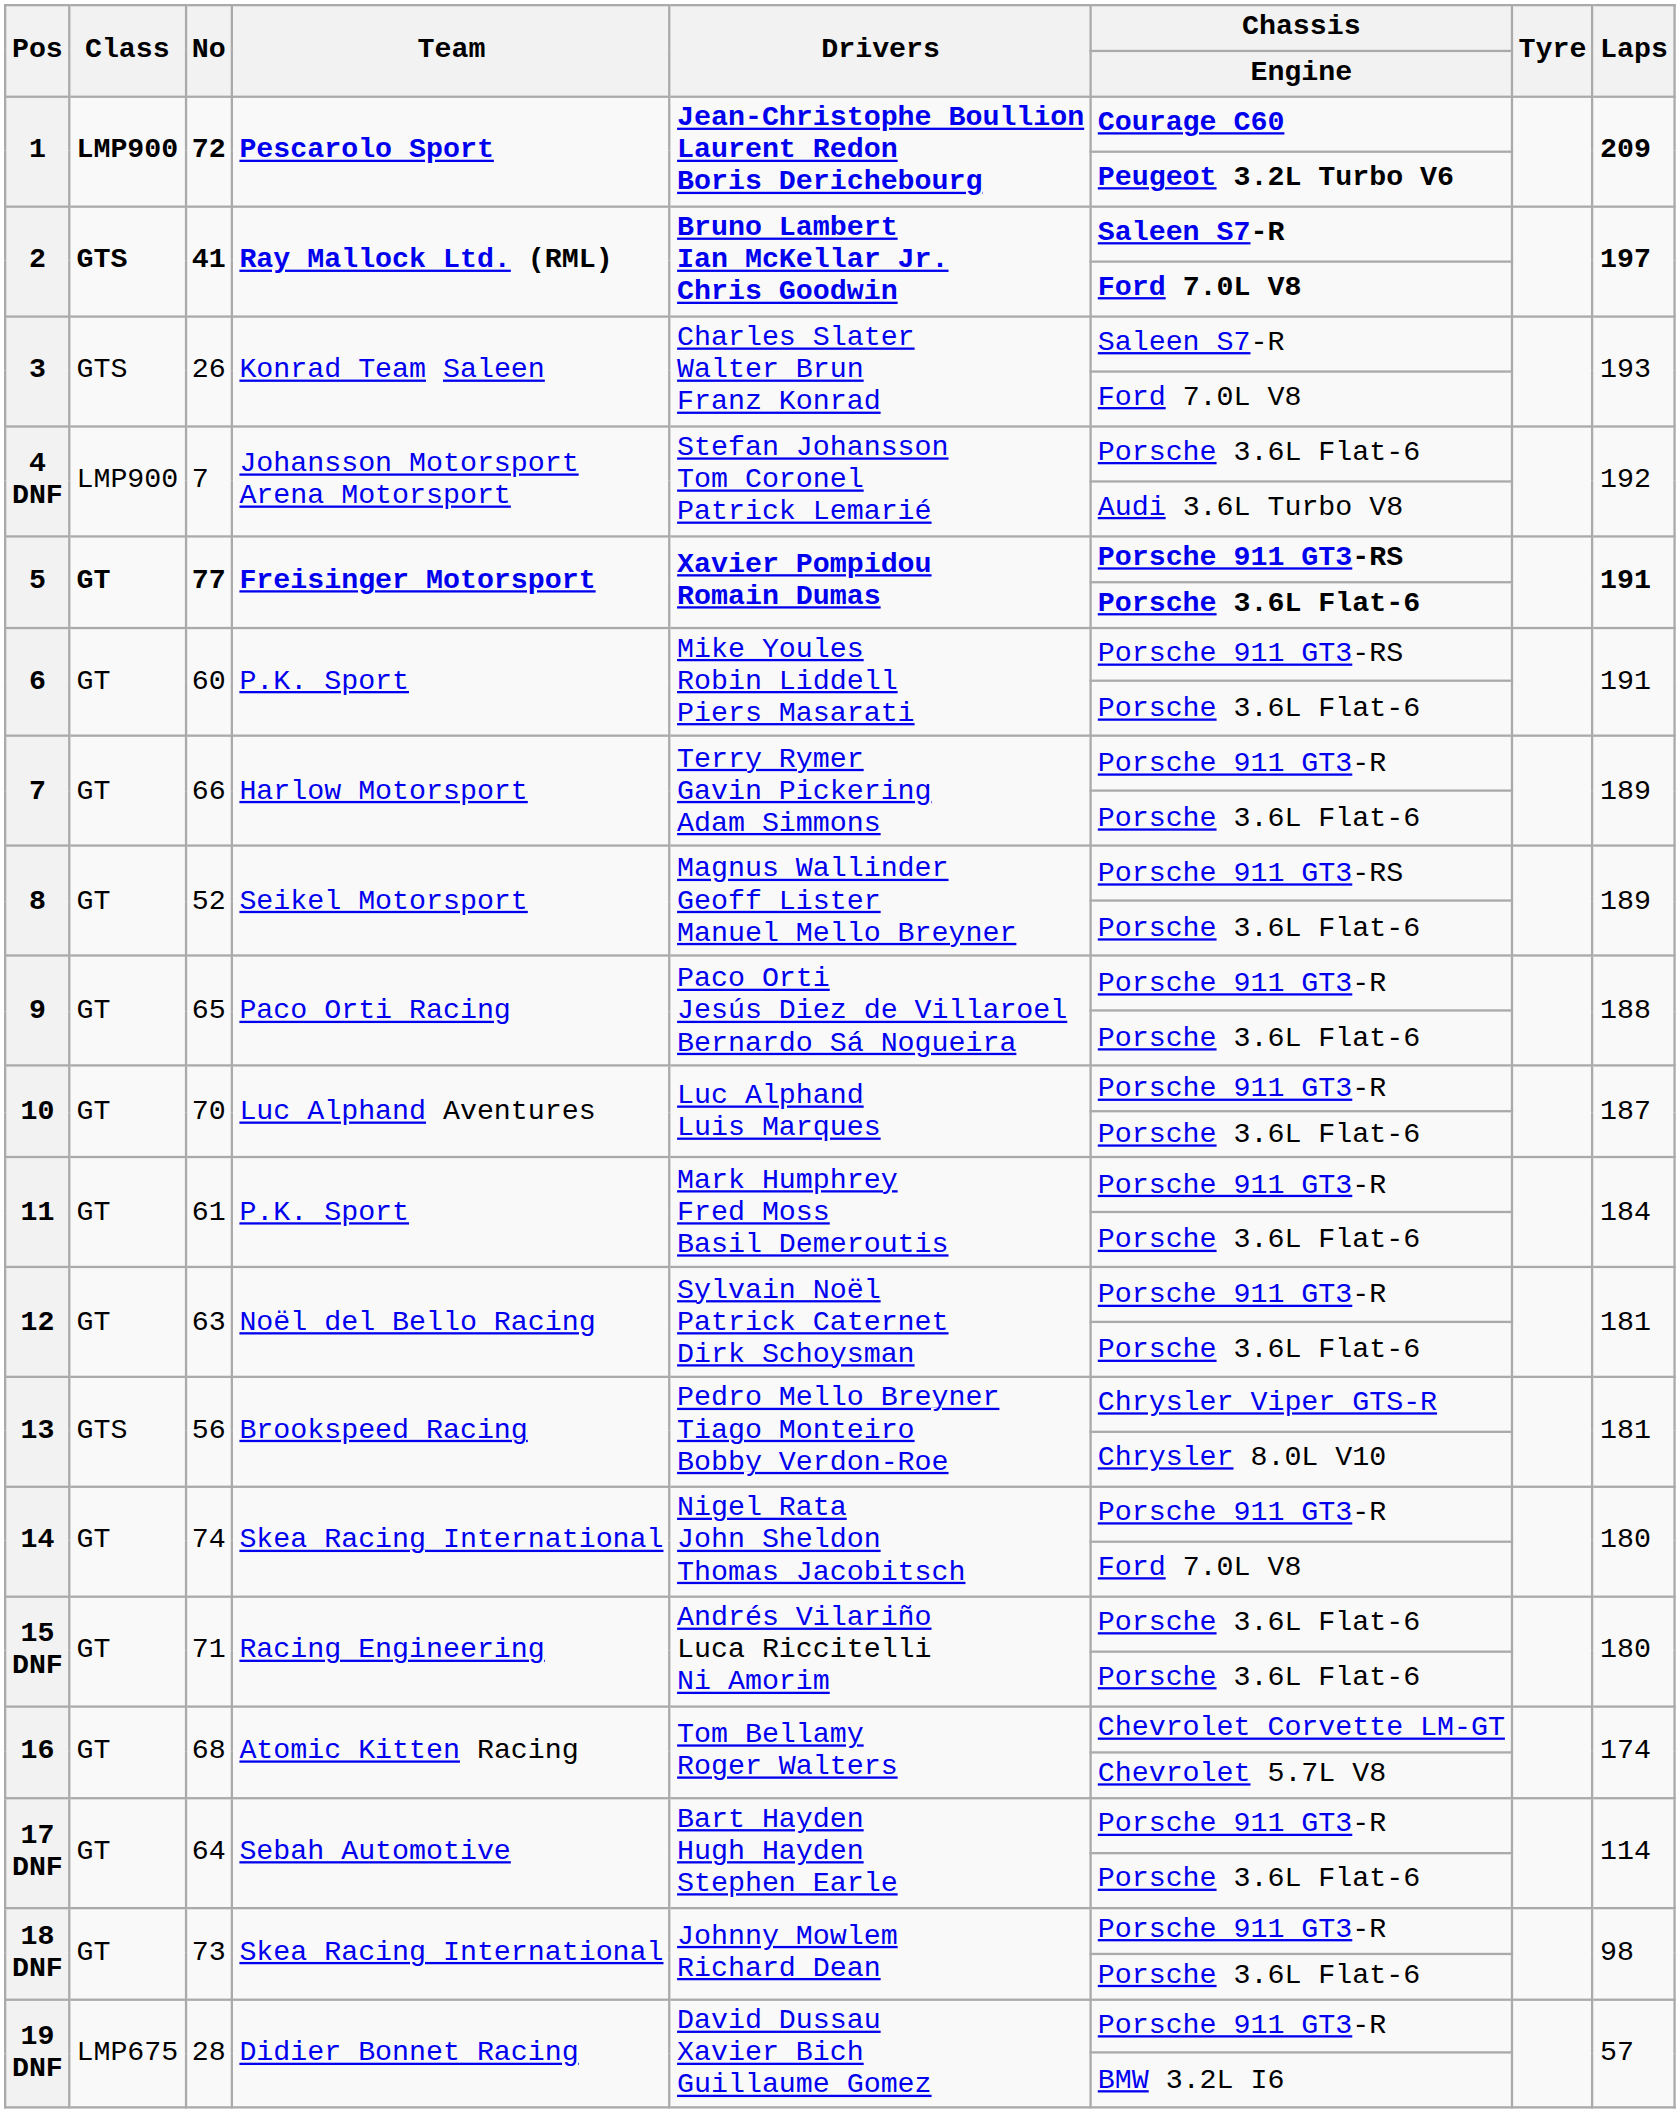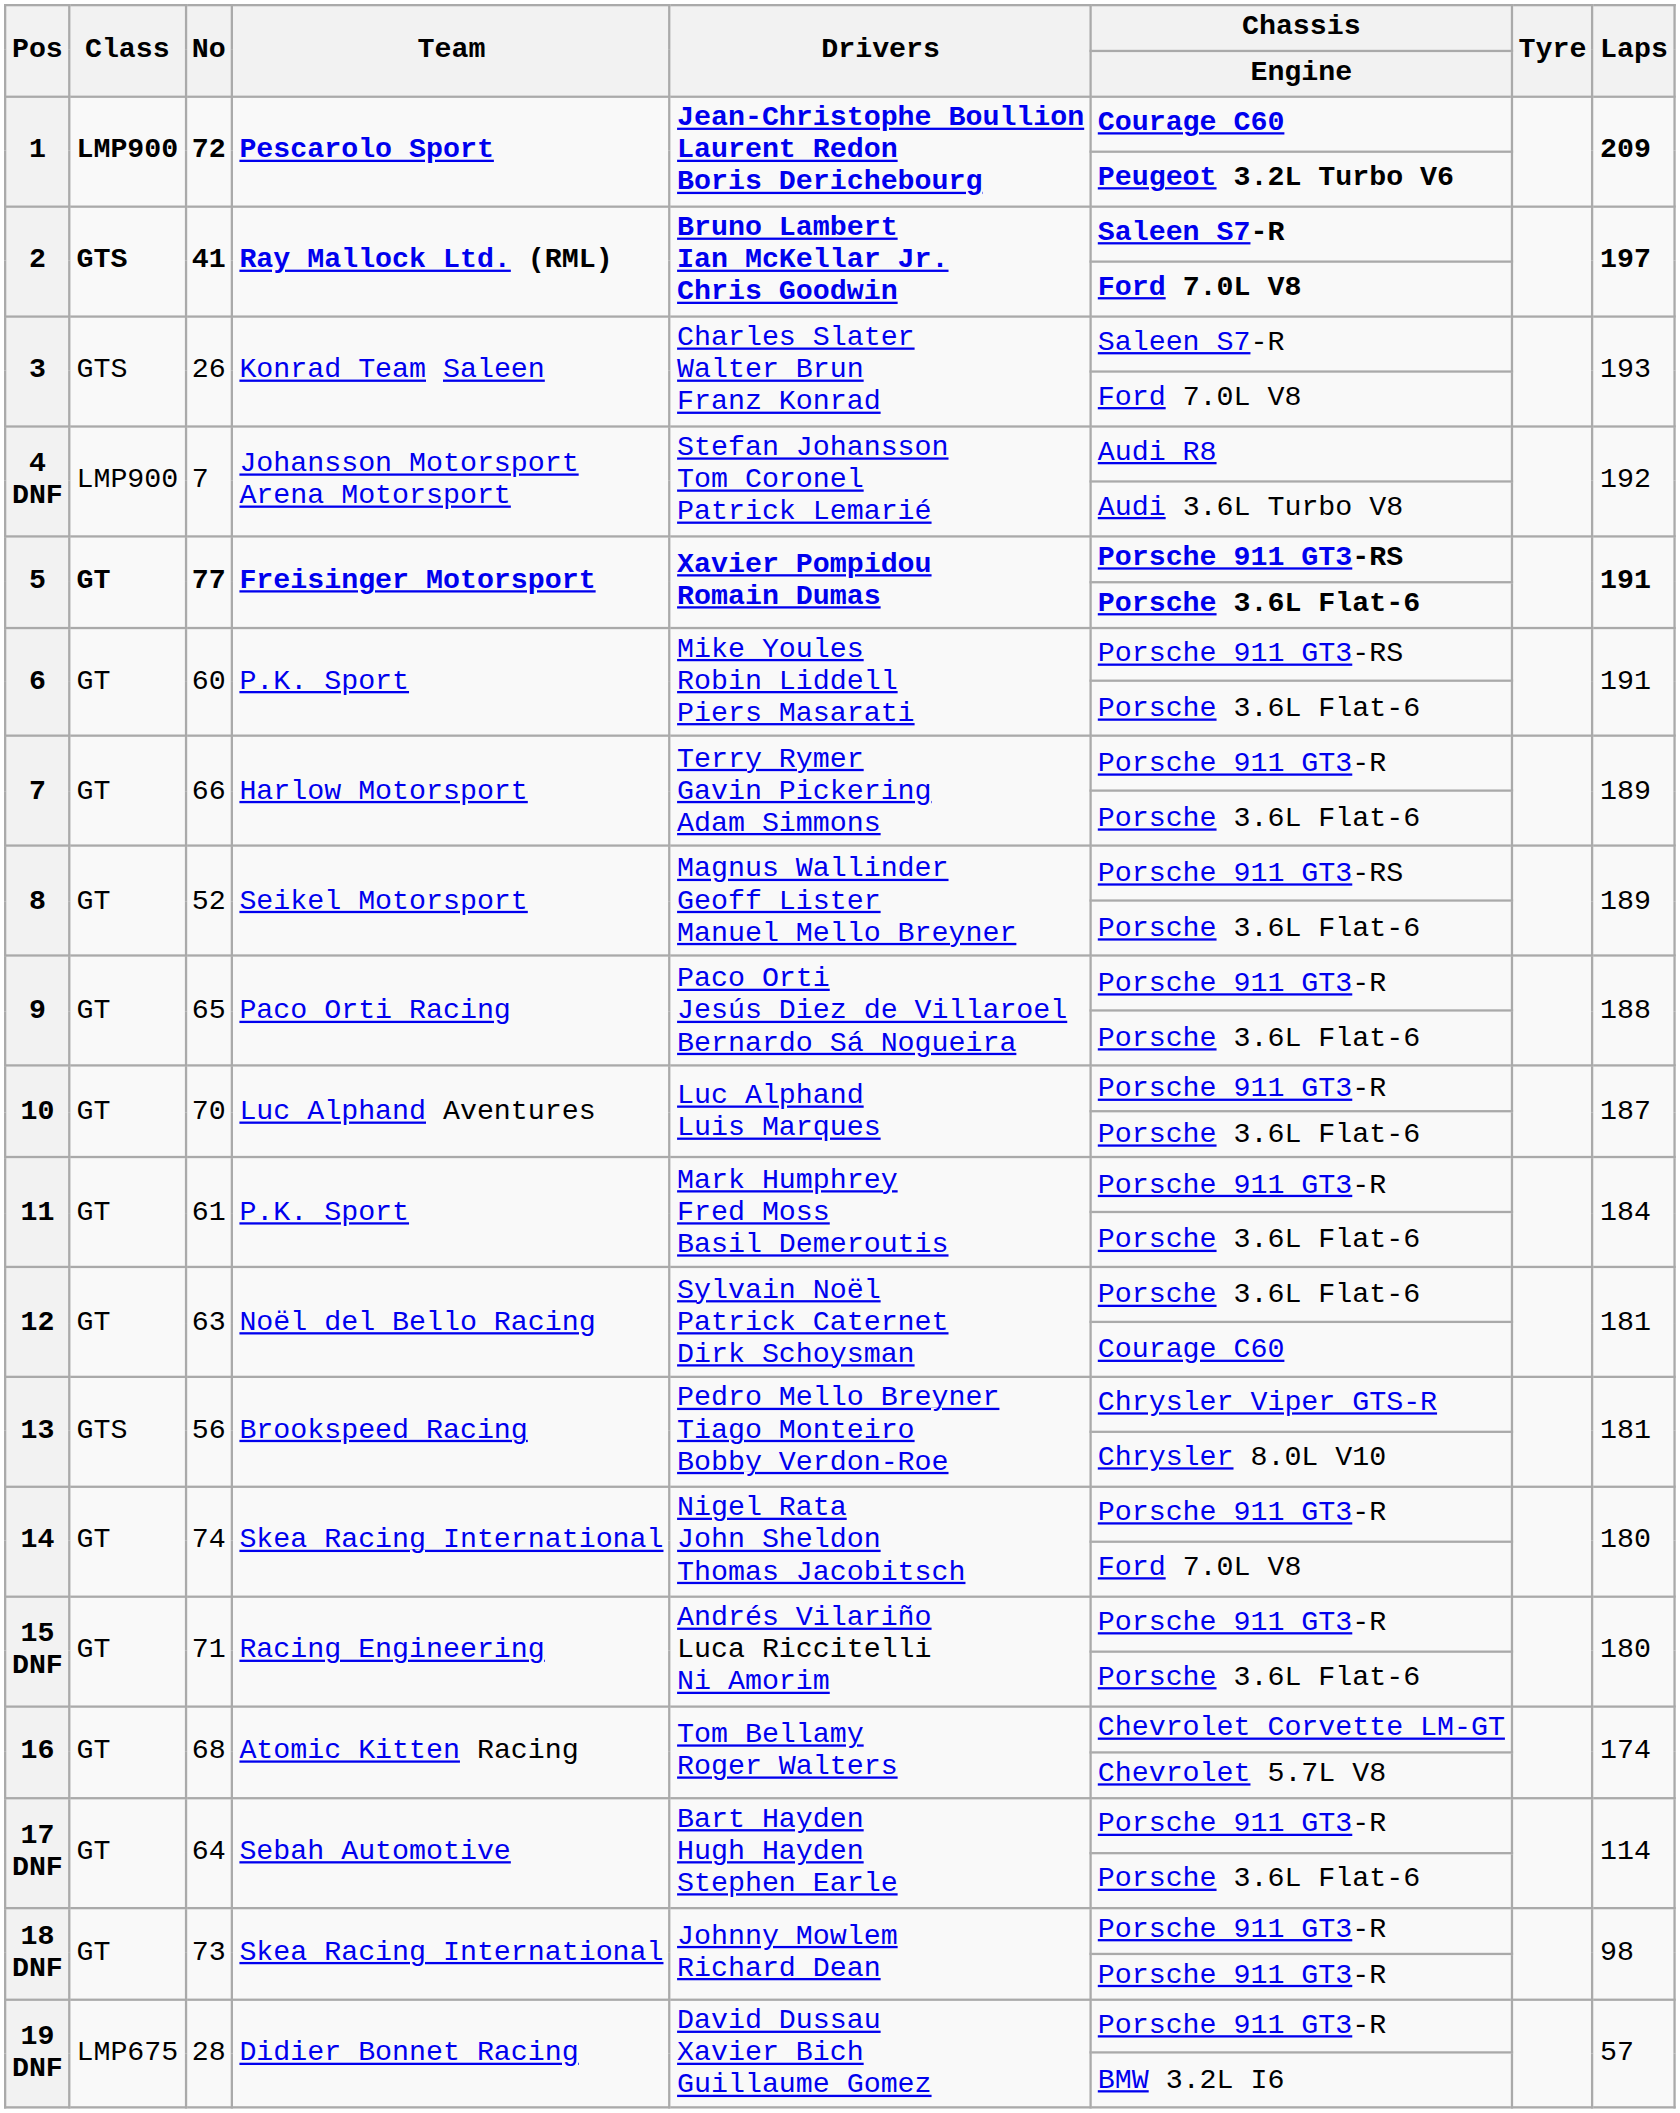 <table class="wikitable" style="font-size: 95%;">
 <tr>
 <th rowspan=2>Pos</th>
 <th rowspan=2>Class</th>
 <th rowspan=2>No</th>
 <th rowspan=2>Team</th>
 <th rowspan=2>Drivers</th>
 <th>Chassis</th>
 <th rowspan=2>Tyre</th>
 <th rowspan=2>Laps</th>
 </tr>
 <tr>
 <th>Engine</th>
 </tr>
 <tr style="font-weight:bold">
 <th rowspan=2>1</th>
 <td rowspan=2>LMP900</td>
 <td rowspan=2>72</td>
 <td rowspan=2> <a href='#'>Pescarolo Sport</a></td>
 <td rowspan=2> <a href='#'>Jean-Christophe Boullion</a><br> <a href='#'>Laurent Redon</a><br> <a href='#'>Boris Derichebourg</a></td>
 <td><a href='#'>Courage C60</a></td>
 <td rowspan=2></td>
 <td rowspan=2>209</td>
 </tr>
 <tr style="font-weight:bold">
 <td><a href='#'>Peugeot</a> 3.2L Turbo V6</td>
 </tr>
 <tr style="font-weight:bold">
 <th rowspan=2>2</th>
 <td rowspan=2>GTS</td>
 <td rowspan=2>41</td>
 <td rowspan=2> <a href='#'>Ray Mallock Ltd.</a> (RML)</td>
 <td rowspan=2> <a href='#'>Bruno Lambert</a><br> <a href='#'>Ian McKellar Jr.</a><br> <a href='#'>Chris Goodwin</a></td>
 <td><a href='#'>Saleen S7</a>-R</td>
 <td rowspan=2></td>
 <td rowspan=2>197</td>
 </tr>
 <tr style="font-weight:bold">
 <td><a href='#'>Ford</a> 7.0L V8</td>
 </tr>
 <tr>
 <th rowspan=2>3</th>
 <td rowspan=2>GTS</td>
 <td rowspan=2>26</td>
 <td rowspan=2> <a href='#'>Konrad Team</a> <a href='#'>Saleen</a></td>
 <td rowspan=2> <a href='#'>Charles Slater</a><br> <a href='#'>Walter Brun</a><br> <a href='#'>Franz Konrad</a></td>
 <td><a href='#'>Saleen S7</a>-R</td>
 <td rowspan=2></td>
 <td rowspan=2>193</td>
 </tr>
 <tr>
 <td><a href='#'>Ford</a> 7.0L V8</td>
 </tr>
 <tr>
 <th rowspan=2>4<br>DNF</th>
 <td rowspan=2>LMP900</td>
 <td rowspan=2>7</td>
 <td rowspan=2> <a href='#'>Johansson Motorsport</a><br> <a href='#'>Arena Motorsport</a></td>
 <td rowspan=2> <a href='#'>Stefan Johansson</a><br> <a href='#'>Tom Coronel</a><br> <a href='#'>Patrick Lemarié</a></td>
-<td><a href='#'>Porsche</a> 3.6L Flat-6</td>
+<td><a href='#'>Audi R8</a></td>
 <td rowspan=2></td>
 <td rowspan=2>192</td>
 </tr>
 <tr>
 <td><a href='#'>Audi</a> 3.6L Turbo V8</td>
 </tr>
 <tr style="font-weight:bold">
 <th rowspan=2>5</th>
 <td rowspan=2>GT</td>
 <td rowspan=2>77</td>
 <td rowspan=2> <a href='#'>Freisinger Motorsport</a></td>
 <td rowspan=2> <a href='#'>Xavier Pompidou</a><br> <a href='#'>Romain Dumas</a></td>
 <td><a href='#'>Porsche 911 GT3</a>-RS</td>
 <td rowspan=2></td>
 <td rowspan=2>191</td>
 </tr>
 <tr style="font-weight:bold">
 <td><a href='#'>Porsche</a> 3.6L Flat-6</td>
 </tr>
 <tr>
 <th rowspan=2>6</th>
 <td rowspan=2>GT</td>
 <td rowspan=2>60</td>
 <td rowspan=2> <a href='#'>P.K. Sport</a></td>
 <td rowspan=2> <a href='#'>Mike Youles</a><br> <a href='#'>Robin Liddell</a><br> <a href='#'>Piers Masarati</a></td>
 <td><a href='#'>Porsche 911 GT3</a>-RS</td>
 <td rowspan=2></td>
 <td rowspan=2>191</td>
 </tr>
 <tr>
 <td><a href='#'>Porsche</a> 3.6L Flat-6</td>
 </tr>
 <tr>
 <th rowspan=2>7</th>
 <td rowspan=2>GT</td>
 <td rowspan=2>66</td>
 <td rowspan=2> <a href='#'>Harlow Motorsport</a></td>
 <td rowspan=2> <a href='#'>Terry Rymer</a><br> <a href='#'>Gavin Pickering</a><br> <a href='#'>Adam Simmons</a></td>
 <td><a href='#'>Porsche 911 GT3</a>-R</td>
 <td rowspan=2></td>
 <td rowspan=2>189</td>
 </tr>
 <tr>
 <td><a href='#'>Porsche</a> 3.6L Flat-6</td>
 </tr>
 <tr>
 <th rowspan=2>8</th>
 <td rowspan=2>GT</td>
 <td rowspan=2>52</td>
 <td rowspan=2> <a href='#'>Seikel Motorsport</a></td>
 <td rowspan=2> <a href='#'>Magnus Wallinder</a><br> <a href='#'>Geoff Lister</a><br> <a href='#'>Manuel Mello Breyner</a></td>
 <td><a href='#'>Porsche 911 GT3</a>-RS</td>
 <td rowspan=2></td>
 <td rowspan=2>189</td>
 </tr>
 <tr>
 <td><a href='#'>Porsche</a> 3.6L Flat-6</td>
 </tr>
 <tr>
 <th rowspan=2>9</th>
 <td rowspan=2>GT</td>
 <td rowspan=2>65</td>
 <td rowspan=2> <a href='#'>Paco Orti Racing</a></td>
 <td rowspan=2> <a href='#'>Paco Orti</a><br> <a href='#'>Jesús Diez de Villaroel</a><br> <a href='#'>Bernardo Sá Nogueira</a></td>
 <td><a href='#'>Porsche 911 GT3</a>-R</td>
 <td rowspan=2></td>
 <td rowspan=2>188</td>
 </tr>
 <tr>
 <td><a href='#'>Porsche</a> 3.6L Flat-6</td>
 </tr>
 <tr>
 <th rowspan=2>10</th>
 <td rowspan=2>GT</td>
 <td rowspan=2>70</td>
 <td rowspan=2> <a href='#'>Luc Alphand</a> Aventures</td>
 <td rowspan=2> <a href='#'>Luc Alphand</a><br> <a href='#'>Luis Marques</a></td>
 <td><a href='#'>Porsche 911 GT3</a>-R</td>
 <td rowspan=2></td>
 <td rowspan=2>187</td>
 </tr>
 <tr>
 <td><a href='#'>Porsche</a> 3.6L Flat-6</td>
 </tr>
 <tr>
 <th rowspan=2>11</th>
 <td rowspan=2>GT</td>
 <td rowspan=2>61</td>
 <td rowspan=2> <a href='#'>P.K. Sport</a></td>
 <td rowspan=2> <a href='#'>Mark Humphrey</a><br> <a href='#'>Fred Moss</a><br> <a href='#'>Basil Demeroutis</a></td>
 <td><a href='#'>Porsche 911 GT3</a>-R</td>
 <td rowspan=2></td>
 <td rowspan=2>184</td>
 </tr>
 <tr>
 <td><a href='#'>Porsche</a> 3.6L Flat-6</td>
 </tr>
 <tr>
 <th rowspan=2>12</th>
 <td rowspan=2>GT</td>
 <td rowspan=2>63</td>
 <td rowspan=2> <a href='#'>Noël del Bello Racing</a></td>
 <td rowspan=2> <a href='#'>Sylvain Noël</a><br> <a href='#'>Patrick Caternet</a><br> <a href='#'>Dirk Schoysman</a></td>
-<td><a href='#'>Porsche 911 GT3</a>-R</td>
+<td><a href='#'>Porsche</a> 3.6L Flat-6</td>
 <td rowspan=2></td>
 <td rowspan=2>181</td>
 </tr>
 <tr>
-<td><a href='#'>Porsche</a> 3.6L Flat-6</td>
+<td><a href='#'>Courage C60</a></td>
 </tr>
 <tr>
 <th rowspan=2>13</th>
 <td rowspan=2>GTS</td>
 <td rowspan=2>56</td>
 <td rowspan=2> <a href='#'>Brookspeed Racing</a></td>
 <td rowspan=2> <a href='#'>Pedro Mello Breyner</a><br> <a href='#'>Tiago Monteiro</a><br> <a href='#'>Bobby Verdon-Roe</a></td>
 <td><a href='#'>Chrysler Viper GTS-R</a></td>
 <td rowspan=2></td>
 <td rowspan=2>181</td>
 </tr>
 <tr>
 <td><a href='#'>Chrysler</a> 8.0L V10</td>
 </tr>
 <tr>
 <th rowspan=2>14</th>
 <td rowspan=2>GT</td>
 <td rowspan=2>74</td>
 <td rowspan=2> <a href='#'>Skea Racing International</a></td>
 <td rowspan=2> <a href='#'>Nigel Rata</a><br> <a href='#'>John Sheldon</a><br> <a href='#'>Thomas Jacobitsch</a></td>
 <td><a href='#'>Porsche 911 GT3</a>-R</td>
 <td rowspan=2></td>
 <td rowspan=2>180</td>
 </tr>
 <tr>
 <td><a href='#'>Ford</a> 7.0L V8</td>
 </tr>
 <tr>
 <th rowspan=2>15<br>DNF</th>
 <td rowspan=2>GT</td>
 <td rowspan=2>71</td>
 <td rowspan=2> <a href='#'>Racing Engineering</a></td>
 <td rowspan=2> <a href='#'>Andrés Vilariño</a><br> Luca Riccitelli<br> <a href='#'>Ni Amorim</a></td>
-<td><a href='#'>Porsche</a> 3.6L Flat-6</td>
+<td><a href='#'>Porsche 911 GT3</a>-R</td>
 <td rowspan=2></td>
 <td rowspan=2>180</td>
 </tr>
 <tr>
 <td><a href='#'>Porsche</a> 3.6L Flat-6</td>
 </tr>
 <tr>
 <th rowspan=2>16</th>
 <td rowspan=2>GT</td>
 <td rowspan=2>68</td>
 <td rowspan=2> <a href='#'>Atomic Kitten</a> Racing</td>
 <td rowspan=2> <a href='#'>Tom Bellamy</a><br> <a href='#'>Roger Walters</a></td>
 <td><a href='#'>Chevrolet Corvette LM-GT</a></td>
 <td rowspan=2></td>
 <td rowspan=2>174</td>
 </tr>
 <tr>
 <td><a href='#'>Chevrolet</a> 5.7L V8</td>
 </tr>
 <tr>
 <th rowspan=2>17<br>DNF</th>
 <td rowspan=2>GT</td>
 <td rowspan=2>64</td>
 <td rowspan=2> <a href='#'>Sebah Automotive</a></td>
 <td rowspan=2> <a href='#'>Bart Hayden</a><br> <a href='#'>Hugh Hayden</a><br> <a href='#'>Stephen Earle</a></td>
 <td><a href='#'>Porsche 911 GT3</a>-R</td>
 <td rowspan=2></td>
 <td rowspan=2>114</td>
 </tr>
 <tr>
 <td><a href='#'>Porsche</a> 3.6L Flat-6</td>
 </tr>
 <tr>
 <th rowspan=2>18<br>DNF</th>
 <td rowspan=2>GT</td>
 <td rowspan=2>73</td>
 <td rowspan=2> <a href='#'>Skea Racing International</a></td>
 <td rowspan=2> <a href='#'>Johnny Mowlem</a><br> <a href='#'>Richard Dean</a></td>
 <td><a href='#'>Porsche 911 GT3</a>-R</td>
 <td rowspan=2></td>
 <td rowspan=2>98</td>
 </tr>
 <tr>
-<td><a href='#'>Porsche</a> 3.6L Flat-6</td>
+<td><a href='#'>Porsche 911 GT3</a>-R</td>
 </tr>
 <tr>
 <th rowspan=2>19<br>DNF</th>
 <td rowspan=2>LMP675</td>
 <td rowspan=2>28</td>
 <td rowspan=2> <a href='#'>Didier Bonnet Racing</a></td>
 <td rowspan=2> <a href='#'>David Dussau</a><br> <a href='#'>Xavier Bich</a><br> <a href='#'>Guillaume Gomez</a></td>
 <td><a href='#'>Porsche 911 GT3</a>-R</td>
 <td rowspan=2></td>
 <td rowspan=2>57</td>
 </tr>
 <tr>
 <td><a href='#'>BMW</a> 3.2L I6</td>
 </tr>
 </table>
